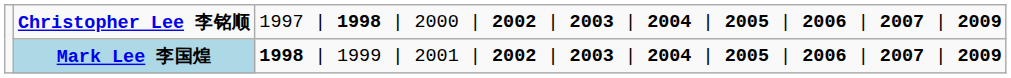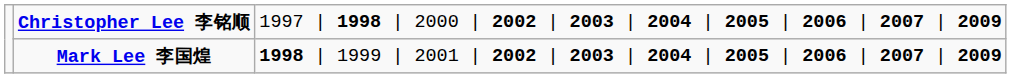 <table class="wikitable" style="text-align:center">
 <tr>
 <td rowspan=2><div></div></td>
 <td><strong><a href='#'>Christopher Lee</a> 李铭顺</strong></td>
 <td>1997 | <strong>1998</strong> | 2000 | <strong>2002</strong> | <strong>2003</strong> | <strong>2004</strong> | <strong>2005</strong> | <strong>2006</strong> | <strong>2007</strong> | <strong>2009</strong></td>
 </tr>
 <tr>
-<td style="background: lightblue;"><strong><a href='#'>Mark Lee</a> 李国煌</strong></td>
+<td><strong><a href='#'>Mark Lee</a> 李国煌</strong></td>
 <td><strong>1998</strong> | 1999 | 2001 | <strong>2002</strong> | <strong>2003</strong> | <strong>2004</strong> | <strong>2005</strong> | <strong>2006</strong> | <strong>2007</strong> | <strong>2009</strong></td>
 </tr>
 </table>
